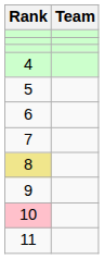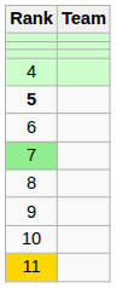 <table class="wikitable" style="text-align: center;">
 <tr>
 <th width=40>Rank</th>
 <th>Team</th>
 </tr>
 <tr bgcolor=#CCFFCC>
 <td></td>
 <td style="text-align:left;"></td>
 </tr>
 <tr bgcolor=#CCFFCC>
 <td></td>
 <td style="text-align:left;"></td>
 </tr>
 <tr bgcolor=#CCFFCC>
 <td></td>
 <td style="text-align:left;"></td>
 </tr>
 <tr bgcolor=#CCFFCC>
 <td>4</td>
 <td style="text-align:left;"></td>
 </tr>
 <tr>
-<td>5</td>
+<td><strong>5</strong></td>
 <td style="text-align:left;"></td>
 </tr>
 <tr>
 <td>6</td>
 <td style="text-align:left;"></td>
 </tr>
 <tr>
-<td>7</td>
+<td style="background: lightgreen;">7</td>
 <td style="text-align:left;"></td>
 </tr>
 <tr>
-<td style="background: khaki;">8</td>
+<td>8</td>
 <td style="text-align:left;"></td>
 </tr>
 <tr>
 <td>9</td>
 <td style="text-align:left;"></td>
 </tr>
 <tr>
-<td style="background: pink;">10</td>
+<td>10</td>
 <td style="text-align:left;"></td>
 </tr>
 <tr>
-<td>11</td>
+<td style="background: gold;">11</td>
 <td style="text-align:left;"></td>
 </tr>
 </table>
